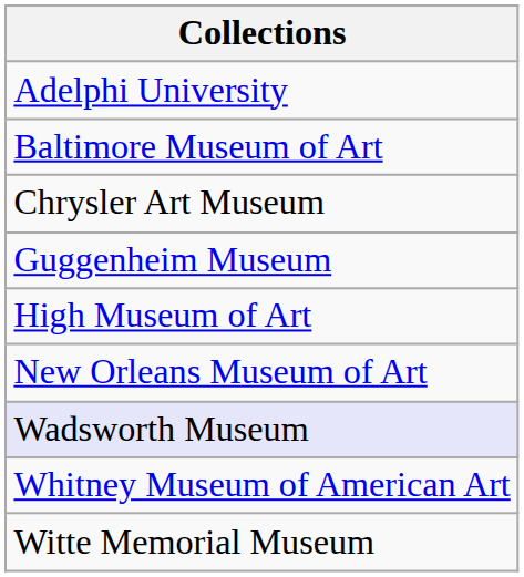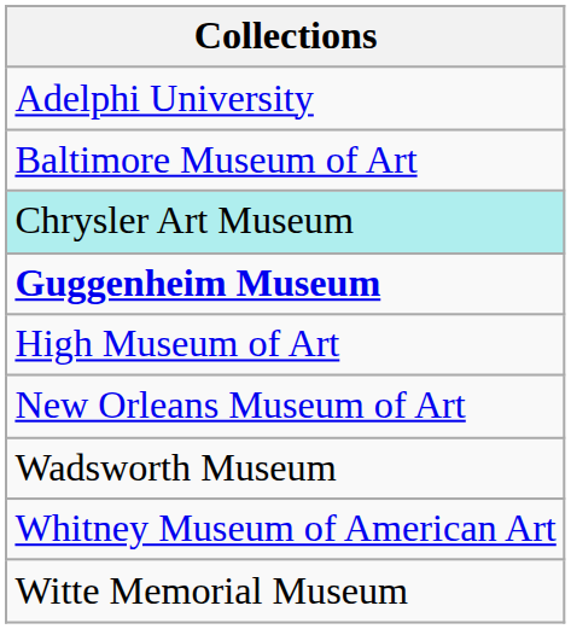 <table class="wikitable">
 <tr>
 <th>Collections</th>
 </tr>
 <tr>
 <td><a href='#'>Adelphi University</a></td>
 </tr>
 <tr>
 <td><a href='#'>Baltimore Museum of Art</a></td>
 </tr>
 <tr>
-<td>Chrysler Art Museum</td>
+<td style="background: paleturquoise;">Chrysler Art Museum</td>
 </tr>
 <tr>
-<td><a href='#'>Guggenheim Museum</a></td>
+<td><strong><a href='#'>Guggenheim Museum</a></strong></td>
 </tr>
 <tr>
 <td><a href='#'>High Museum of Art</a></td>
 </tr>
 <tr>
 <td><a href='#'>New Orleans Museum of Art</a></td>
 </tr>
 <tr>
-<td style="background: lavender;">Wadsworth Museum</td>
+<td>Wadsworth Museum</td>
 </tr>
 <tr>
 <td><a href='#'>Whitney Museum of American Art</a></td>
 </tr>
 <tr>
 <td>Witte Memorial Museum</td>
 </tr>
 </table>
